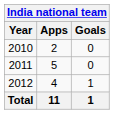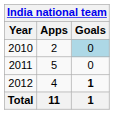 <table class="wikitable" style="text-align:center">
 <tr>
 <th colspan=3><a href='#'>India national team</a></th>
 </tr>
 <tr>
 <th>Year</th>
 <th>Apps</th>
 <th>Goals</th>
 </tr>
 <tr>
 <td>2010</td>
 <td>2</td>
-<td>0</td>
+<td style="background: lightblue;">0</td>
 </tr>
 <tr>
 <td>2011</td>
 <td>5</td>
 <td>0</td>
 </tr>
 <tr>
 <td>2012</td>
 <td>4</td>
-<td>1</td>
+<td><strong>1</strong></td>
 </tr>
 <tr>
 <th>Total</th>
 <th>11</th>
 <th>1</th>
 </tr>
 </table>
